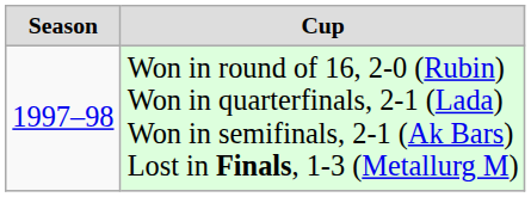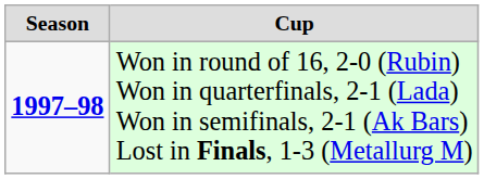 <table class="wikitable">
 <tr style="text-align:center; font-size:small; background:#ddd; padding:5px;"|>
 <td><strong>Season</strong></td>
 <td><strong>Cup</strong></td>
 </tr>
 <tr>
-<td><a href='#'>1997–98</a></td>
+<td><strong><a href='#'>1997–98</a></strong></td>
 <td style="background: #ddffdd;">Won in round of 16, 2-0 (<a href='#'>Rubin</a>) <br> Won in quarterfinals, 2-1 (<a href='#'>Lada</a>) <br> Won in semifinals, 2-1 (<a href='#'>Ak Bars</a>) <br> Lost in <strong>Finals</strong>, 1-3 (<a href='#'>Metallurg M</a>) <br></td>
 </tr>
 </table>
